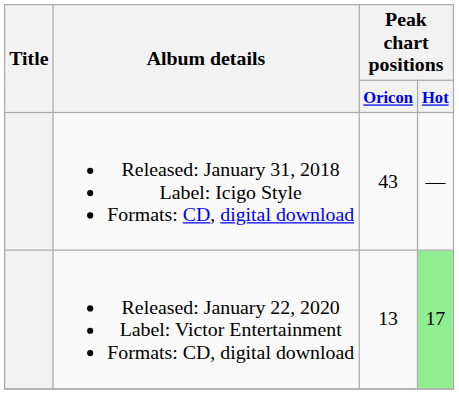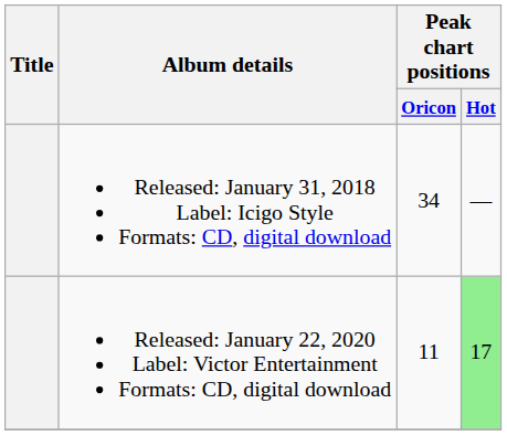 <table class="wikitable plainrowheaders" style="text-align:center;">
 <tr>
 <th scope="col" rowspan="2">Title</th>
 <th scope="col" rowspan="2">Album details</th>
 <th scope="col" colspan="2">Peak <br> chart <br> positions</th>
 </tr>
 <tr>
 <th scope="col" colspan="1"><small><a href='#'>Oricon</a></small></th>
 <th scope="col" colspan="1"><small><a href='#'>Hot</a></small></th>
 </tr>
 <tr>
 <th scope="row"></th>
 <td><br><ul><li>Released: January 31, 2018</li><li>Label: Icigo Style</li><li>Formats: <a href='#'>CD</a>, <a href='#'>digital download</a></li></ul></td>
-<td>43</td>
+<td>34</td>
 <td>—</td>
 </tr>
 <tr>
 <th scope="row"></th>
 <td><br><ul><li>Released: January 22, 2020</li><li>Label: Victor Entertainment</li><li>Formats: CD, digital download</li></ul></td>
-<td>13</td>
+<td>11</td>
 <td style="background: lightgreen;">17</td>
 </tr>
 <tr>
 </tr>
 </table>
